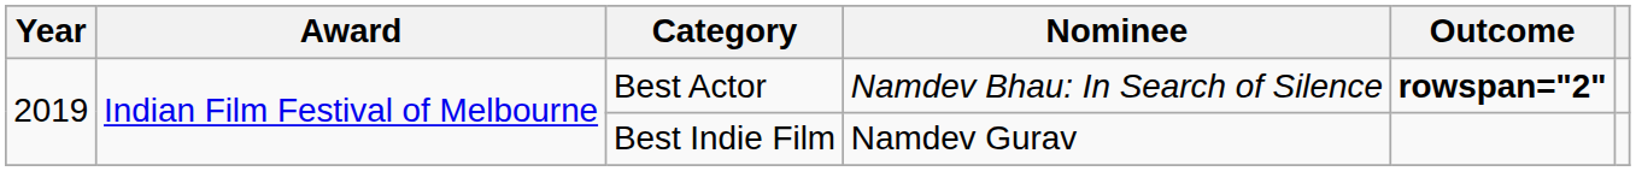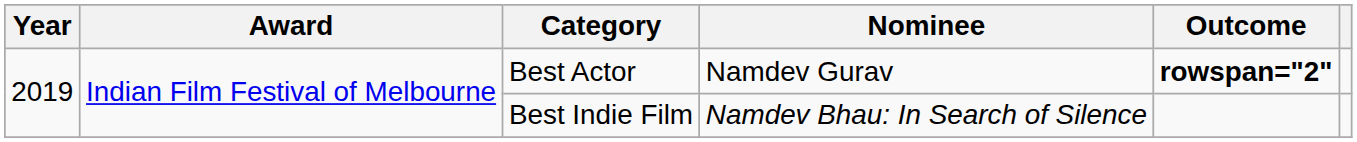 <table class="wikitable sortable">
 <tr>
 <th>Year</th>
 <th>Award</th>
 <th>Category</th>
 <th>Nominee</th>
 <th>Outcome</th>
 <th scope="col" class="unsortable"></th>
 </tr>
 <tr>
 <td rowspan="2">2019</td>
 <td rowspan="2"><a href='#'>Indian Film Festival of Melbourne</a></td>
 <td>Best Actor</td>
-<td><em> Namdev Bhau: In Search of Silence</em></td>
+<td>Namdev Gurav</td>
 <td><strong>rowspan="2" </strong></td>
 <td style="text-align:center;"></td>
 </tr>
 <tr>
 <td>Best Indie Film</td>
-<td>Namdev Gurav</td>
+<td><em> Namdev Bhau: In Search of Silence</em></td>
 <td style="text-align:center;"></td>
 </tr>
 </table>
